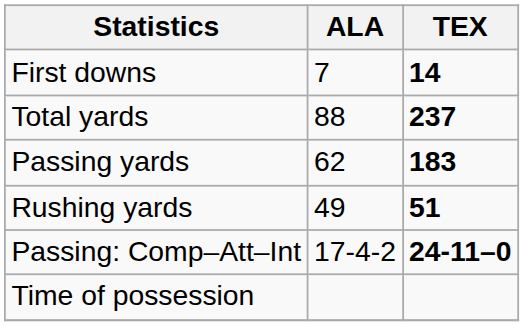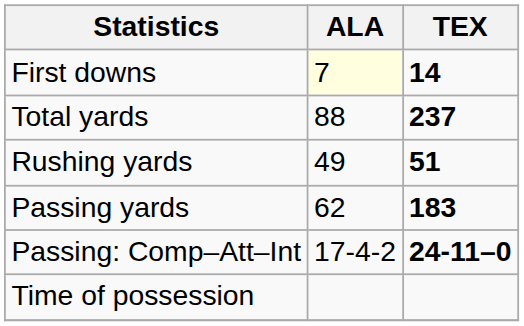 <table class="wikitable" style="float: left;">
 <tr>
 <th>Statistics</th>
 <th>ALA</th>
 <th>TEX</th>
 </tr>
 <tr>
 <td>First downs</td>
-<td>7</td>
+<td style="background: lightyellow;">7</td>
 <td><strong>14</strong></td>
 </tr>
 <tr>
 <td>Total yards</td>
 <td>88</td>
 <td><strong>237</strong></td>
 </tr>
 <tr>
+<td>Rushing yards</td>
+<td>49</td>
+<td><strong>51</strong></td>
+</tr>
+<tr>
 <td>Passing yards</td>
 <td>62</td>
 <td><strong>183</strong></td>
-</tr>
-<tr>
-<td>Rushing yards</td>
-<td>49</td>
-<td><strong>51</strong></td>
 </tr>
 <tr>
 <td>Passing: Comp–Att–Int</td>
 <td>17-4-2</td>
 <td><strong>24-11–0</strong></td>
 </tr>
 <tr>
 <td>Time of possession</td>
 <td></td>
 <td></td>
 </tr>
 <tr>
 </tr>
 </table>
